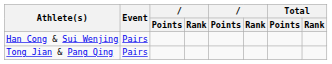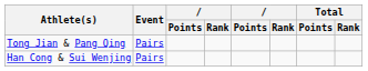 <table class="wikitable">
 <tr>
 <th rowspan="2">Athlete(s)</th>
 <th rowspan="2">Event</th>
 <th colspan="2">/</th>
 <th colspan="2">/</th>
 <th colspan="2">Total</th>
 </tr>
 <tr>
 <th>Points</th>
 <th>Rank</th>
 <th>Points</th>
 <th>Rank</th>
 <th>Points</th>
 <th>Rank</th>
 </tr>
 <tr>
+<td><a href='#'>Tong Jian</a> & <a href='#'>Pang Qing</a></td>
+<td><a href='#'>Pairs</a></td>
+<td></td>
+<td></td>
+<td></td>
+<td></td>
+<td></td>
+<td></td>
+</tr>
+<tr>
 <td><a href='#'>Han Cong</a> & <a href='#'>Sui Wenjing</a></td>
 <td><a href='#'>Pairs</a></td>
 <td></td>
 <td></td>
 <td></td>
 <td></td>
 <td></td>
 <td></td>
 </tr>
-<tr>
-<td><a href='#'>Tong Jian</a> & <a href='#'>Pang Qing</a></td>
-<td><a href='#'>Pairs</a></td>
-<td></td>
-<td></td>
-<td></td>
-<td></td>
-<td></td>
-<td></td>
-</tr>
 </table>
